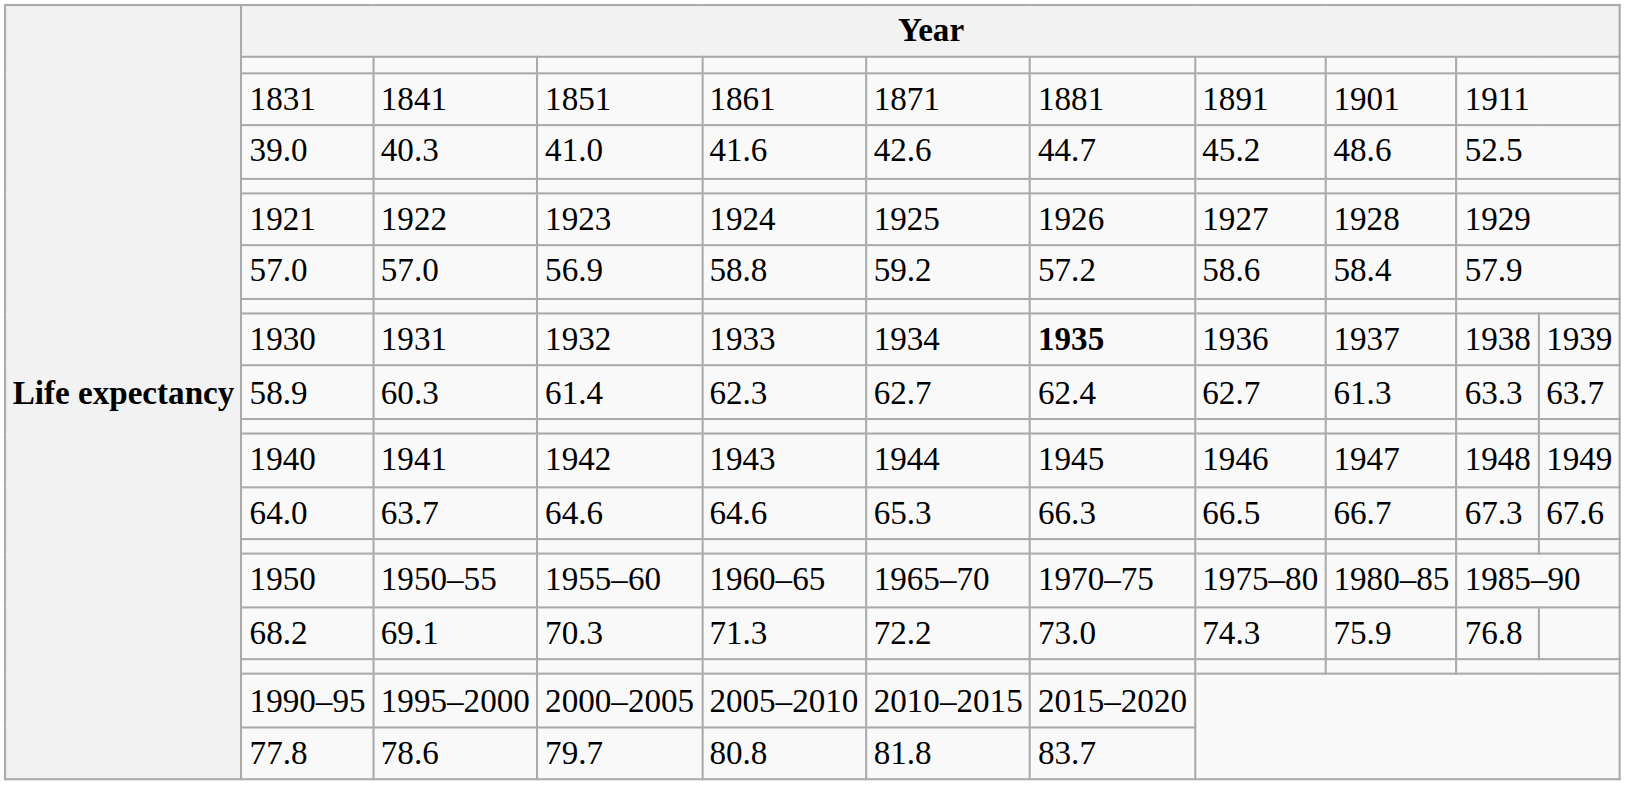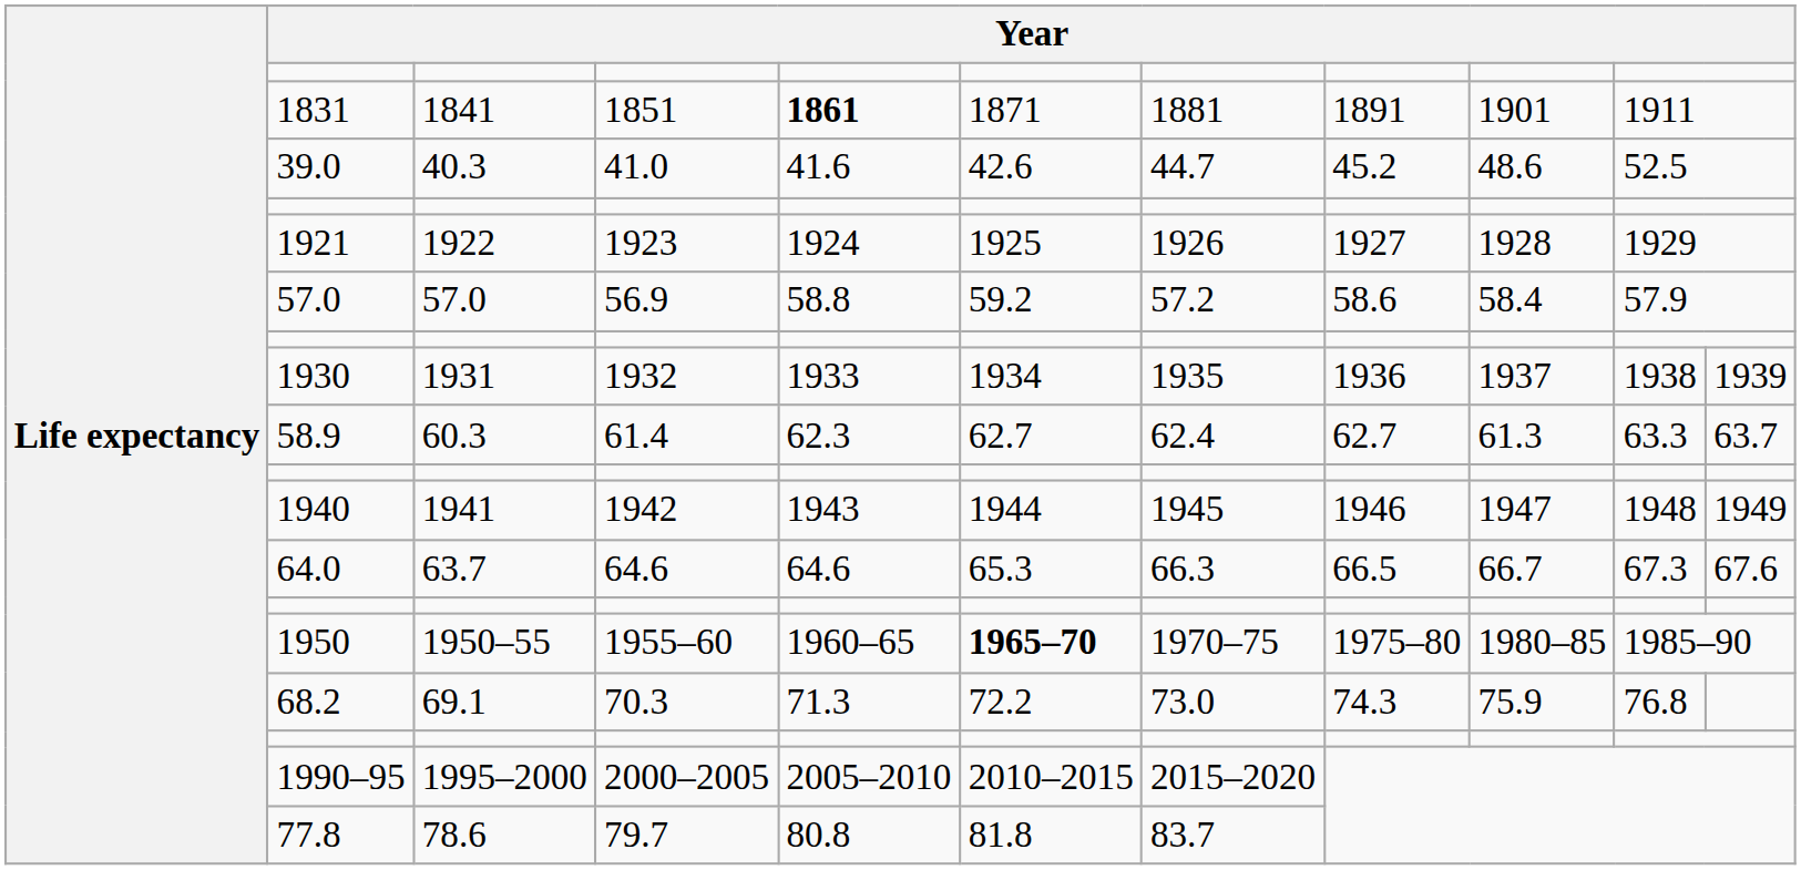 <table class="wikitable sortable sticky-header" style=text-align:left;">
 <tr>
 <th rowspan="19">Life expectancy</th>
 <th colspan="10">Year</th>
 </tr>
 <tr>
 <td></td>
 <td></td>
 <td></td>
 <td></td>
 <td></td>
 <td></td>
 <td></td>
 <td></td>
 <td colspan="2"></td>
 </tr>
 <tr>
 <td>1831</td>
 <td>1841</td>
 <td>1851</td>
-<td>1861</td>
+<td><strong>1861</strong></td>
 <td>1871</td>
 <td>1881</td>
 <td>1891</td>
 <td>1901</td>
 <td colspan="2">1911</td>
 </tr>
 <tr>
 <td>39.0</td>
 <td>40.3</td>
 <td>41.0</td>
 <td>41.6</td>
 <td>42.6</td>
 <td>44.7</td>
 <td>45.2</td>
 <td>48.6</td>
 <td colspan="2">52.5</td>
 </tr>
 <tr>
 <td></td>
 <td></td>
 <td></td>
 <td></td>
 <td></td>
 <td></td>
 <td></td>
 <td></td>
 <td colspan="2"></td>
 </tr>
 <tr>
 <td>1921</td>
 <td>1922</td>
 <td>1923</td>
 <td>1924</td>
 <td>1925</td>
 <td>1926</td>
 <td>1927</td>
 <td>1928</td>
 <td colspan="2">1929</td>
 </tr>
 <tr>
 <td>57.0</td>
 <td>57.0</td>
 <td>56.9</td>
 <td>58.8</td>
 <td>59.2</td>
 <td>57.2</td>
 <td>58.6</td>
 <td>58.4</td>
 <td colspan="2">57.9</td>
 </tr>
 <tr>
 <td></td>
 <td></td>
 <td></td>
 <td></td>
 <td></td>
 <td></td>
 <td></td>
 <td></td>
 <td colspan="2"></td>
 </tr>
 <tr>
 <td>1930</td>
 <td>1931</td>
 <td>1932</td>
 <td>1933</td>
 <td>1934</td>
-<td><strong>1935</strong></td>
+<td>1935</td>
 <td>1936</td>
 <td>1937</td>
 <td>1938</td>
 <td>1939</td>
 </tr>
 <tr>
 <td>58.9</td>
 <td>60.3</td>
 <td>61.4</td>
 <td>62.3</td>
 <td>62.7</td>
 <td>62.4</td>
 <td>62.7</td>
 <td>61.3</td>
 <td>63.3</td>
 <td>63.7</td>
 </tr>
 <tr>
 <td></td>
 <td></td>
 <td></td>
 <td></td>
 <td></td>
 <td></td>
 <td></td>
 <td></td>
 <td></td>
 <td></td>
 </tr>
 <tr>
 <td>1940</td>
 <td>1941</td>
 <td>1942</td>
 <td>1943</td>
 <td>1944</td>
 <td>1945</td>
 <td>1946</td>
 <td>1947</td>
 <td>1948</td>
 <td>1949</td>
 </tr>
 <tr>
 <td>64.0</td>
 <td>63.7</td>
 <td>64.6</td>
 <td>64.6</td>
 <td>65.3</td>
 <td>66.3</td>
 <td>66.5</td>
 <td>66.7</td>
 <td>67.3</td>
 <td>67.6</td>
 </tr>
 <tr>
 <td></td>
 <td></td>
 <td></td>
 <td></td>
 <td></td>
 <td></td>
 <td></td>
 <td></td>
 <td></td>
 <td></td>
 </tr>
 <tr>
 <td>1950</td>
 <td>1950–55</td>
 <td>1955–60</td>
 <td>1960–65</td>
-<td>1965–70</td>
+<td><strong>1965–70</strong></td>
 <td>1970–75</td>
 <td>1975–80</td>
 <td>1980–85</td>
 <td colspan="2">1985–90</td>
 </tr>
 <tr>
 <td>68.2</td>
 <td>69.1</td>
 <td>70.3</td>
 <td>71.3</td>
 <td>72.2</td>
 <td>73.0</td>
 <td>74.3</td>
 <td>75.9</td>
 <td>76.8</td>
 <td></td>
 </tr>
 <tr>
 <td></td>
 <td></td>
 <td></td>
 <td></td>
 <td></td>
 <td></td>
 <td></td>
 <td></td>
 <td colspan="2"></td>
 </tr>
 <tr>
 <td>1990–95</td>
 <td>1995–2000</td>
 <td>2000–2005</td>
 <td>2005–2010</td>
 <td>2010–2015</td>
 <td>2015–2020</td>
 <td colspan="4" rowspan="2"></td>
 </tr>
 <tr>
 <td>77.8</td>
 <td>78.6</td>
 <td>79.7</td>
 <td>80.8</td>
 <td>81.8</td>
 <td>83.7</td>
 </tr>
 </table>
